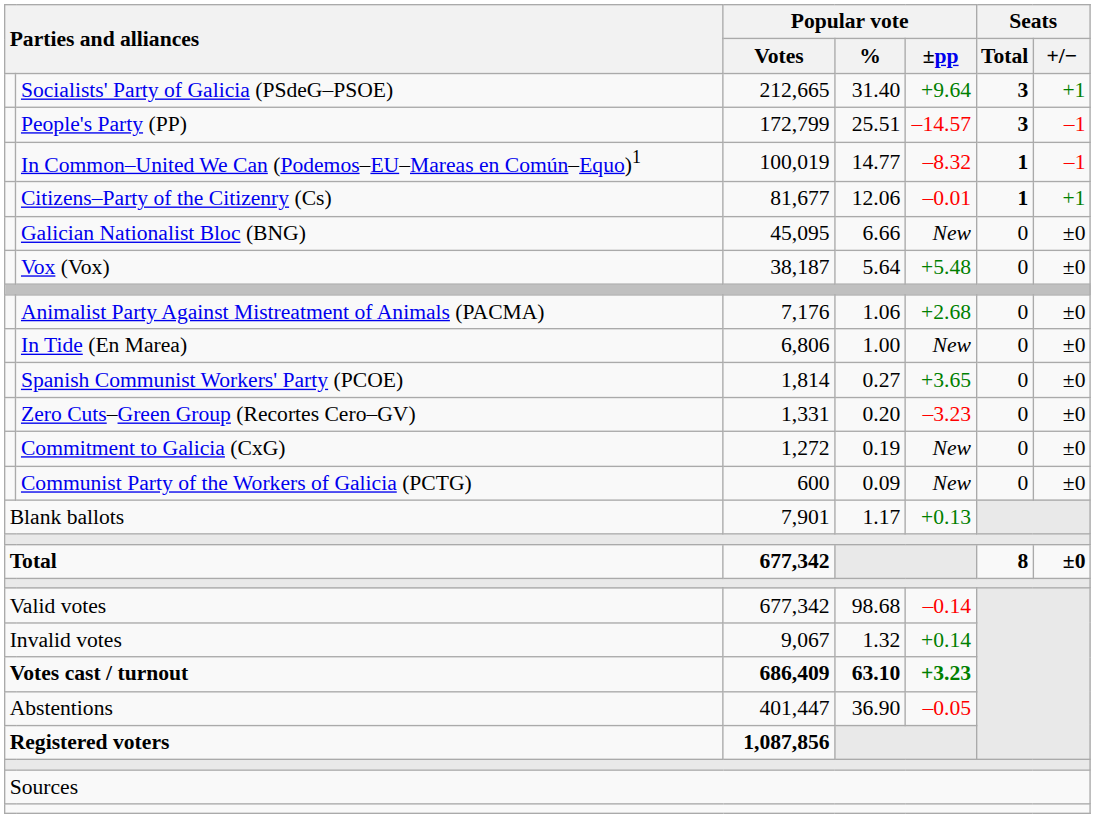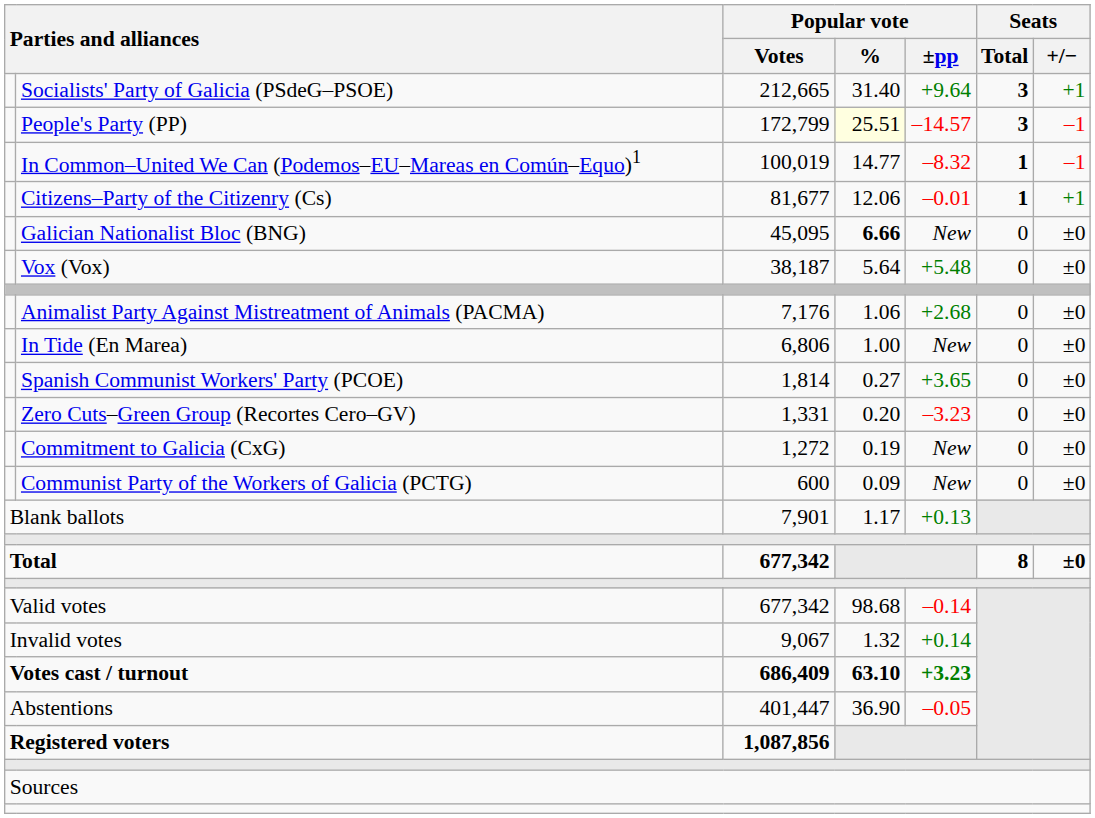 <table class="wikitable" style="text-align:right;">
 <tr>
 <th style="text-align:left;" rowspan="2" colspan="2" width="525">Parties and alliances</th>
 <th colspan="3">Popular vote</th>
 <th colspan="2">Seats</th>
 </tr>
 <tr>
 <th width="75">Votes</th>
 <th width="45">%</th>
 <th width="45">±<a href='#'>pp</a></th>
 <th width="35">Total</th>
 <th width="35">+/−</th>
 </tr>
 <tr>
 <td width="1" style="color:inherit;background:"></td>
 <td align="left"><a href='#'>Socialists' Party of Galicia</a> (PSdeG–PSOE)</td>
 <td>212,665</td>
 <td>31.40</td>
 <td style="color:green;">+9.64</td>
 <td><strong>3</strong></td>
 <td style="color:green;">+1</td>
 </tr>
 <tr>
 <td style="color:inherit;background:"></td>
 <td align="left"><a href='#'>People's Party</a> (PP)</td>
 <td>172,799</td>
-<td>25.51</td>
+<td style="background: lightyellow;">25.51</td>
 <td style="color:red;">–14.57</td>
 <td><strong>3</strong></td>
 <td style="color:red;">–1</td>
 </tr>
 <tr>
 <td style="color:inherit;background:"></td>
 <td align="left"><a href='#'>In Common–United We Can</a> (<a href='#'>Podemos</a>–<a href='#'>EU</a>–<a href='#'>Mareas en Común</a>–<a href='#'>Equo</a>)<sup>1</sup></td>
 <td>100,019</td>
 <td>14.77</td>
 <td style="color:red;">–8.32</td>
 <td><strong>1</strong></td>
 <td style="color:red;">–1</td>
 </tr>
 <tr>
 <td style="color:inherit;background:"></td>
 <td align="left"><a href='#'>Citizens–Party of the Citizenry</a> (Cs)</td>
 <td>81,677</td>
 <td>12.06</td>
 <td style="color:red;">–0.01</td>
 <td><strong>1</strong></td>
 <td style="color:green;">+1</td>
 </tr>
 <tr>
 <td style="color:inherit;background:"></td>
 <td align="left"><a href='#'>Galician Nationalist Bloc</a> (BNG)</td>
 <td>45,095</td>
-<td>6.66</td>
+<td><strong>6.66</strong></td>
 <td><em>New</em></td>
 <td>0</td>
 <td>±0</td>
 </tr>
 <tr>
 <td style="color:inherit;background:"></td>
 <td align="left"><a href='#'>Vox</a> (Vox)</td>
 <td>38,187</td>
 <td>5.64</td>
 <td style="color:green;">+5.48</td>
 <td>0</td>
 <td>±0</td>
 </tr>
 <tr>
 <td colspan="7" bgcolor="#C0C0C0"></td>
 </tr>
 <tr>
 <td style="color:inherit;background:"></td>
 <td align="left"><a href='#'>Animalist Party Against Mistreatment of Animals</a> (PACMA)</td>
 <td>7,176</td>
 <td>1.06</td>
 <td style="color:green;">+2.68</td>
 <td>0</td>
 <td>±0</td>
 </tr>
 <tr>
 <td style="color:inherit;background:"></td>
 <td align="left"><a href='#'>In Tide</a> (En Marea)</td>
 <td>6,806</td>
 <td>1.00</td>
 <td><em>New</em></td>
 <td>0</td>
 <td>±0</td>
 </tr>
 <tr>
 <td style="color:inherit;background:"></td>
 <td align="left"><a href='#'>Spanish Communist Workers' Party</a> (PCOE)</td>
 <td>1,814</td>
 <td>0.27</td>
 <td style="color:green;">+3.65</td>
 <td>0</td>
 <td>±0</td>
 </tr>
 <tr>
 <td style="color:inherit;background:"></td>
 <td align="left"><a href='#'>Zero Cuts</a>–<a href='#'>Green Group</a> (Recortes Cero–GV)</td>
 <td>1,331</td>
 <td>0.20</td>
 <td style="color:red;">–3.23</td>
 <td>0</td>
 <td>±0</td>
 </tr>
 <tr>
 <td style="color:inherit;background:"></td>
 <td align="left"><a href='#'>Commitment to Galicia</a> (CxG)</td>
 <td>1,272</td>
 <td>0.19</td>
 <td><em>New</em></td>
 <td>0</td>
 <td>±0</td>
 </tr>
 <tr>
 <td style="color:inherit;background:"></td>
 <td align="left"><a href='#'>Communist Party of the Workers of Galicia</a> (PCTG)</td>
 <td>600</td>
 <td>0.09</td>
 <td><em>New</em></td>
 <td>0</td>
 <td>±0</td>
 </tr>
 <tr>
 <td align="left" colspan="2">Blank ballots</td>
 <td>7,901</td>
 <td>1.17</td>
 <td style="color:green;">+0.13</td>
 <td bgcolor="#E9E9E9" colspan="2"></td>
 </tr>
 <tr>
 <td colspan="7" bgcolor="#E9E9E9"></td>
 </tr>
 <tr style="font-weight:bold;">
 <td align="left" colspan="2">Total</td>
 <td>677,342</td>
 <td bgcolor="#E9E9E9" colspan="2"></td>
 <td>8</td>
 <td>±0</td>
 </tr>
 <tr>
 <td colspan="7" bgcolor="#E9E9E9"></td>
 </tr>
 <tr>
 <td align="left" colspan="2">Valid votes</td>
 <td>677,342</td>
 <td>98.68</td>
 <td style="color:red;">–0.14</td>
 <td bgcolor="#E9E9E9" colspan="2" rowspan="5"></td>
 </tr>
 <tr>
 <td align="left" colspan="2">Invalid votes</td>
 <td>9,067</td>
 <td>1.32</td>
 <td style="color:green;">+0.14</td>
 </tr>
 <tr style="font-weight:bold;">
 <td align="left" colspan="2">Votes cast / turnout</td>
 <td>686,409</td>
 <td>63.10</td>
 <td style="color:green;">+3.23</td>
 </tr>
 <tr>
 <td align="left" colspan="2">Abstentions</td>
 <td>401,447</td>
 <td>36.90</td>
 <td style="color:red;">–0.05</td>
 </tr>
 <tr style="font-weight:bold;">
 <td align="left" colspan="2">Registered voters</td>
 <td>1,087,856</td>
 <td bgcolor="#E9E9E9" colspan="2"></td>
 </tr>
 <tr>
 <td colspan="7" bgcolor="#E9E9E9"></td>
 </tr>
 <tr>
 <td align="left" colspan="7">Sources</td>
 </tr>
 <tr>
 <td colspan="7" style="text-align:left; max-width:790px;"></td>
 </tr>
 </table>
